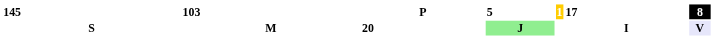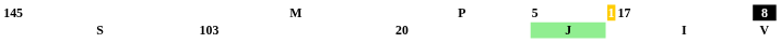 <table style="width:76%">
 <tr>
 <td scope="row" colspan="6" style="text-align:center"></td>
 </tr>
 <tr>
 <td scope="row" style="background:"><strong>145</strong></td>
-<td style="background:"><strong>103</strong></td>
+<td style="text-align:center; color:"><strong>M</strong></td>
 <td style="text-align:center; color:"><strong>P</strong></td>
 <td style="background:"><strong>5</strong></td>
 <td style="background:#FFCC00; width:0.3%; text-align:center; color:white"><strong>1</strong></td>
 <td style="background:"><strong>17</strong></td>
 <td style="background:#000000; width:3.0%; text-align:center; color:white"><strong>8</strong></td>
 </tr>
 <tr>
 <td scope="row" style="text-align:center; color:"><strong>S</strong></td>
-<td style="text-align:center; color:"><strong>M</strong></td>
+<td style="background:"><strong>103</strong></td>
 <td style="background:"><strong>20</strong></td>
 <td style="background: lightgreen; text-align:center; color:"><strong>J</strong></td>
 <td style="text-align:center; color:#FFCC00"></td>
 <td style="text-align:center; color:"><strong>I</strong></td>
-<td style="background: lavender; text-align:center; color:#000000"><strong>V</strong></td>
+<td style="text-align:center; color:#000000"><strong>V</strong></td>
 </tr>
 </table>
